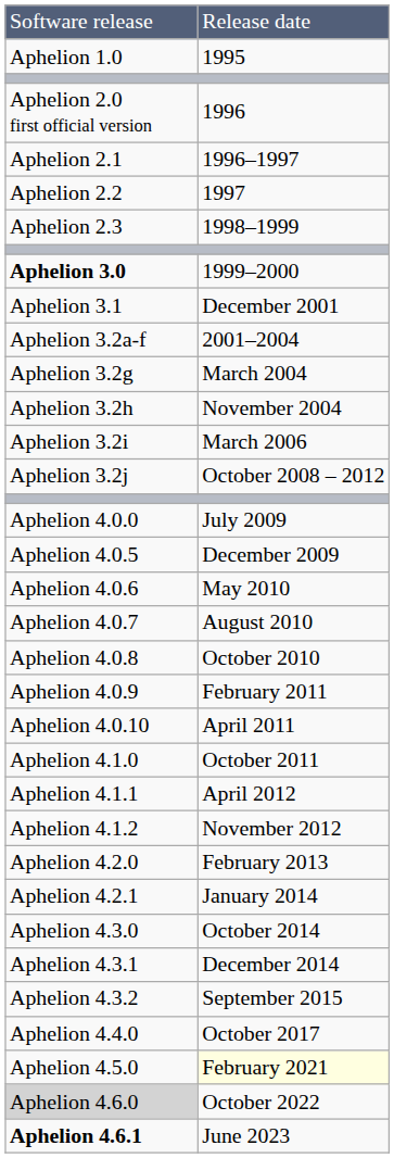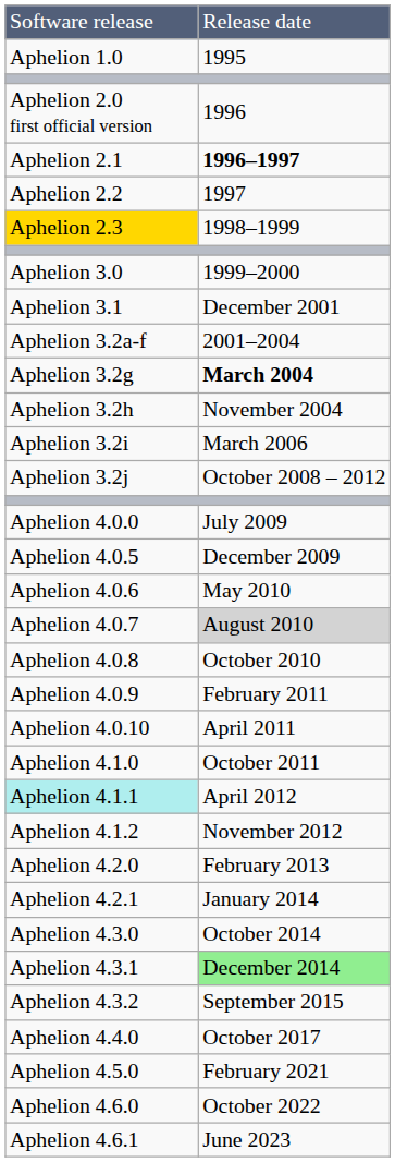 <table class="wikitable" align="center" style="margin-left: auto; margin-right: auto;">
 <tr style="background-color:#525F79;color:#FFF;">
 <td width="50%">Software release</td>
 <td width="50%">Release date</td>
 </tr>
 <tr>
 <td>Aphelion 1.0</td>
 <td>1995</td>
 </tr>
 <tr style="background-color:#B7BCC6;">
 <td colspan="2"></td>
 </tr>
 <tr>
 <td>Aphelion 2.0<br><small>first official version</small></td>
 <td>1996</td>
 </tr>
 <tr>
 <td>Aphelion 2.1</td>
-<td>1996–1997</td>
+<td><strong>1996–1997</strong></td>
 </tr>
 <tr>
 <td>Aphelion 2.2</td>
 <td>1997</td>
 </tr>
 <tr>
-<td>Aphelion 2.3</td>
+<td style="background: gold;">Aphelion 2.3</td>
 <td>1998–1999</td>
 </tr>
 <tr style="background-color:#B7BCC6;">
 <td colspan="2"></td>
 </tr>
 <tr>
-<td><strong>Aphelion 3.0</strong></td>
+<td>Aphelion 3.0</td>
 <td>1999–2000</td>
 </tr>
 <tr>
 <td>Aphelion 3.1</td>
 <td>December 2001</td>
 </tr>
 <tr>
 <td>Aphelion 3.2a-f</td>
 <td>2001–2004</td>
 </tr>
 <tr>
 <td>Aphelion 3.2g</td>
-<td>March 2004</td>
+<td><strong>March 2004</strong></td>
 </tr>
 <tr>
 <td>Aphelion 3.2h</td>
 <td>November 2004</td>
 </tr>
 <tr>
 <td>Aphelion 3.2i</td>
 <td>March 2006</td>
 </tr>
 <tr>
 <td>Aphelion 3.2j</td>
 <td>October 2008 – 2012</td>
 </tr>
 <tr style="background-color:#B7BCC6;">
 <td colspan="2"></td>
 </tr>
 <tr>
 <td>Aphelion 4.0.0</td>
 <td>July 2009</td>
 </tr>
 <tr>
 <td>Aphelion 4.0.5</td>
 <td>December 2009</td>
 </tr>
 <tr>
 <td>Aphelion 4.0.6</td>
 <td>May 2010</td>
 </tr>
 <tr>
 <td>Aphelion 4.0.7</td>
-<td>August 2010</td>
+<td style="background: lightgrey;">August 2010</td>
 </tr>
 <tr>
 <td>Aphelion 4.0.8</td>
 <td>October 2010</td>
 </tr>
 <tr>
 <td>Aphelion 4.0.9</td>
 <td>February 2011</td>
 </tr>
 <tr>
 <td>Aphelion 4.0.10</td>
 <td>April 2011</td>
 </tr>
 <tr>
 <td>Aphelion 4.1.0</td>
 <td>October 2011</td>
 </tr>
 <tr>
-<td>Aphelion 4.1.1</td>
+<td style="background: paleturquoise;">Aphelion 4.1.1</td>
 <td>April 2012</td>
 </tr>
 <tr>
 <td>Aphelion 4.1.2</td>
 <td>November 2012</td>
 </tr>
 <tr>
 <td>Aphelion 4.2.0</td>
 <td>February 2013</td>
 </tr>
 <tr>
 <td>Aphelion 4.2.1</td>
 <td>January 2014</td>
 </tr>
 <tr>
 <td>Aphelion 4.3.0</td>
 <td>October 2014</td>
 </tr>
 <tr>
 <td>Aphelion 4.3.1</td>
-<td>December 2014</td>
+<td style="background: lightgreen;">December 2014</td>
 </tr>
 <tr>
 <td>Aphelion 4.3.2</td>
 <td>September 2015</td>
 </tr>
 <tr>
 <td>Aphelion 4.4.0</td>
 <td>October 2017</td>
 </tr>
 <tr>
 <td>Aphelion 4.5.0</td>
-<td style="background: lightyellow;">February 2021</td>
+<td>February 2021</td>
 </tr>
 <tr>
-<td style="background: lightgrey;">Aphelion 4.6.0</td>
+<td>Aphelion 4.6.0</td>
 <td>October 2022</td>
 </tr>
 <tr>
-<td><strong>Aphelion 4.6.1</strong></td>
+<td>Aphelion 4.6.1</td>
 <td>June 2023</td>
 </tr>
 </table>
